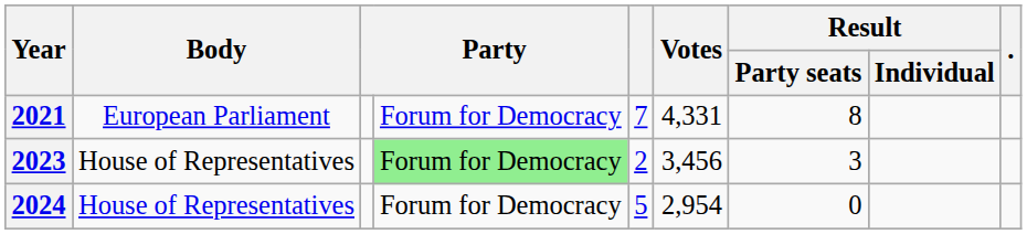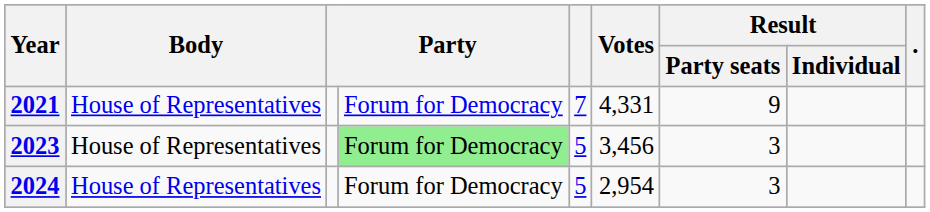 <table class="wikitable plainrowheaders sortable" border=2 cellpadding=4 cellspacing=0 style="border: 1px #aaa solid; font-size: 90%; text-align:center;">
 <tr>
 <th scope="col" rowspan=2>Year</th>
 <th scope="col" rowspan=2>Body</th>
 <th scope="col" colspan=2 rowspan=2>Party</th>
 <th scope="col" rowspan=2></th>
 <th scope="col" rowspan=2>Votes</th>
 <th scope="colgroup" colspan=2>Result</th>
 <th scope="col" rowspan=2 class="unsortable">.</th>
 </tr>
 <tr>
 <th scope="col">Party seats</th>
 <th scope="col">Individual</th>
 </tr>
 <tr>
 <th scope="row"><a href='#'>2021</a></th>
-<td><a href='#'>European Parliament</a></td>
+<td><a href='#'>House of Representatives</a></td>
 <td style="background-color:"></td>
 <td><a href='#'>Forum for Democracy</a></td>
 <td style=text-align:right><a href='#'>7</a></td>
 <td style=text-align:right>4,331</td>
-<td style=text-align:right>8</td>
+<td style=text-align:right>9</td>
 <td></td>
 <td></td>
 </tr>
 <tr>
 <th scope="row"><a href='#'>2023</a></th>
 <td>House of Representatives</td>
 <td style="background-color:"></td>
 <td style="background: lightgreen;">Forum for Democracy</td>
-<td style=text-align:right><a href='#'>2</a></td>
+<td style=text-align:right><a href='#'>5</a></td>
 <td style=text-align:right>3,456</td>
 <td style=text-align:right>3</td>
 <td></td>
 <td></td>
 </tr>
 <tr>
 <th scope="row"><a href='#'>2024</a></th>
 <td><a href='#'>House of Representatives</a></td>
 <td style="background-color:"></td>
 <td>Forum for Democracy</td>
 <td style=text-align:right><a href='#'>5</a></td>
 <td style=text-align:right>2,954</td>
-<td style=text-align:right>0</td>
+<td style=text-align:right>3</td>
 <td></td>
 <td></td>
 </tr>
 </table>
